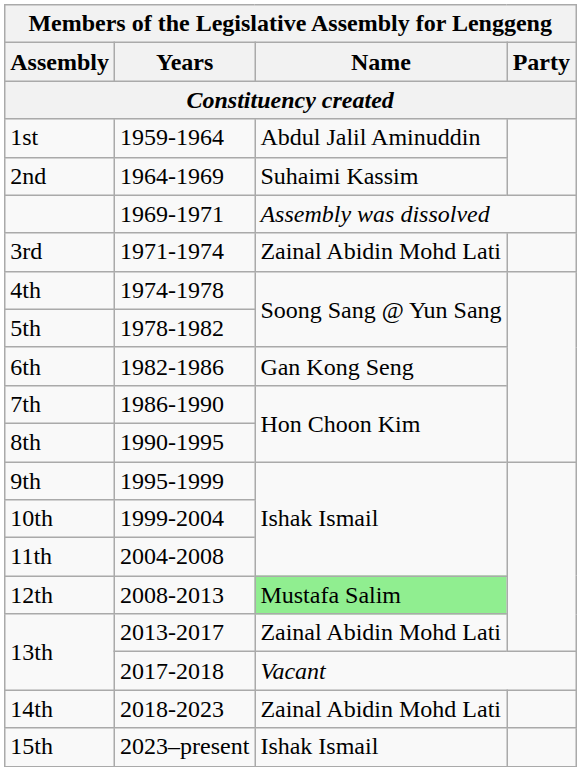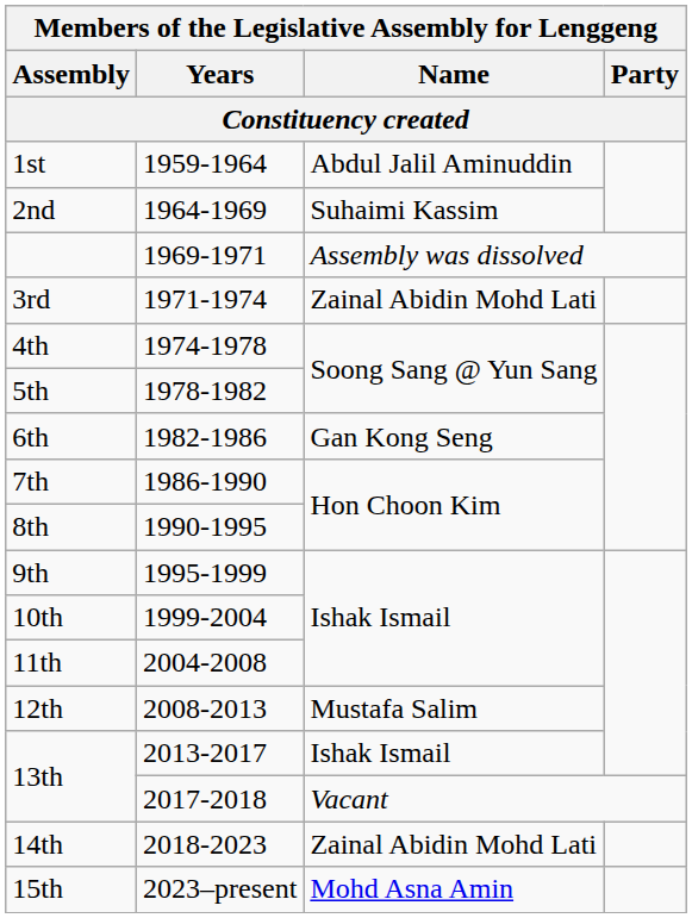 <table class="wikitable">
 <tr>
 <th colspan="4">Members of the Legislative Assembly for Lenggeng</th>
 </tr>
 <tr>
 <th>Assembly</th>
 <th>Years</th>
 <th>Name</th>
 <th>Party</th>
 </tr>
 <tr>
 <th colspan="4" align="center"><em>Constituency created</em></th>
 </tr>
 <tr>
 <td>1st</td>
 <td>1959-1964</td>
 <td>Abdul Jalil Aminuddin</td>
 <td rowspan="2"></td>
 </tr>
 <tr>
 <td>2nd</td>
 <td>1964-1969</td>
 <td>Suhaimi Kassim</td>
 </tr>
 <tr>
 <td></td>
 <td>1969-1971</td>
 <td colspan="2"><em>Assembly was dissolved</em></td>
 </tr>
 <tr>
 <td>3rd</td>
 <td>1971-1974</td>
 <td>Zainal Abidin Mohd Lati</td>
 <td></td>
 </tr>
 <tr>
 <td>4th</td>
 <td>1974-1978</td>
 <td rowspan="2">Soong Sang @ Yun Sang</td>
 <td rowspan="5"></td>
 </tr>
 <tr>
 <td>5th</td>
 <td>1978-1982</td>
 </tr>
 <tr>
 <td>6th</td>
 <td>1982-1986</td>
 <td>Gan Kong Seng</td>
 </tr>
 <tr>
 <td>7th</td>
 <td>1986-1990</td>
 <td rowspan="2">Hon Choon Kim</td>
 </tr>
 <tr>
 <td>8th</td>
 <td>1990-1995</td>
 </tr>
 <tr>
 <td>9th</td>
 <td>1995-1999</td>
 <td rowspan="3">Ishak Ismail</td>
 <td rowspan="5"></td>
 </tr>
 <tr>
 <td>10th</td>
 <td>1999-2004</td>
 </tr>
 <tr>
 <td>11th</td>
 <td>2004-2008</td>
 </tr>
 <tr>
 <td>12th</td>
 <td>2008-2013</td>
-<td style="background: lightgreen;">Mustafa Salim</td>
+<td>Mustafa Salim</td>
 </tr>
 <tr>
 <td rowspan="2">13th</td>
 <td>2013-2017</td>
-<td>Zainal Abidin Mohd Lati</td>
+<td>Ishak Ismail</td>
 </tr>
 <tr>
 <td>2017-2018</td>
 <td colspan="2"><em>Vacant</em></td>
 </tr>
 <tr>
 <td>14th</td>
 <td>2018-2023</td>
 <td>Zainal Abidin Mohd Lati</td>
 <td></td>
 </tr>
 <tr>
 <td>15th</td>
 <td>2023–present</td>
-<td>Ishak Ismail</td>
+<td><a href='#'>Mohd Asna Amin</a></td>
 <td></td>
 </tr>
 </table>
